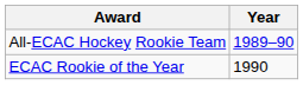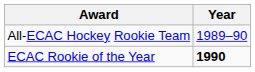 <table class="wikitable">
 <tr>
 <th>Award</th>
 <th>Year</th>
 </tr>
 <tr>
 <td>All-<a href='#'>ECAC Hockey</a> <a href='#'>Rookie Team</a></td>
 <td><a href='#'>1989–90</a></td>
 </tr>
 <tr>
 <td><a href='#'>ECAC Rookie of the Year</a></td>
-<td>1990</td>
+<td><strong>1990</strong></td>
 </tr>
 </table>
